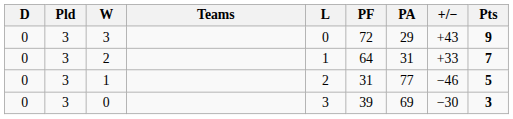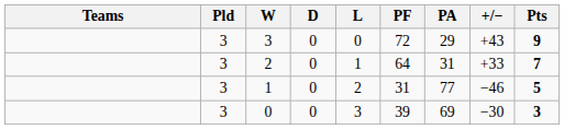 <table class="wikitable" style="text-align: center;">
 <tr>
-<th width="40">D</th>
+<th width="200">Teams</th>
 <th width="40">Pld</th>
 <th width="40">W</th>
-<th width="200">Teams</th>
+<th width="40">D</th>
 <th width="40">L</th>
 <th width="40">PF</th>
 <th width="40">PA</th>
 <th width="40">+/−</th>
 <th width="40">Pts</th>
 </tr>
 <tr>
-<td>0</td>
+<td align=left></td>
 <td>3</td>
 <td>3</td>
-<td align=left></td>
+<td>0</td>
 <td>0</td>
 <td>72</td>
 <td>29</td>
 <td>+43</td>
 <td><strong>9</strong></td>
 </tr>
 <tr>
-<td>0</td>
+<td align=left></td>
 <td>3</td>
 <td>2</td>
-<td align=left></td>
+<td>0</td>
 <td>1</td>
 <td>64</td>
 <td>31</td>
 <td>+33</td>
 <td><strong>7</strong></td>
 </tr>
 <tr>
-<td>0</td>
+<td align=left></td>
 <td>3</td>
 <td>1</td>
-<td align=left></td>
+<td>0</td>
 <td>2</td>
 <td>31</td>
 <td>77</td>
 <td>−46</td>
 <td><strong>5</strong></td>
 </tr>
 <tr>
-<td>0</td>
+<td align=left></td>
 <td>3</td>
 <td>0</td>
-<td align=left></td>
+<td>0</td>
 <td>3</td>
 <td>39</td>
 <td>69</td>
 <td>−30</td>
 <td><strong>3</strong></td>
 </tr>
 </table>
